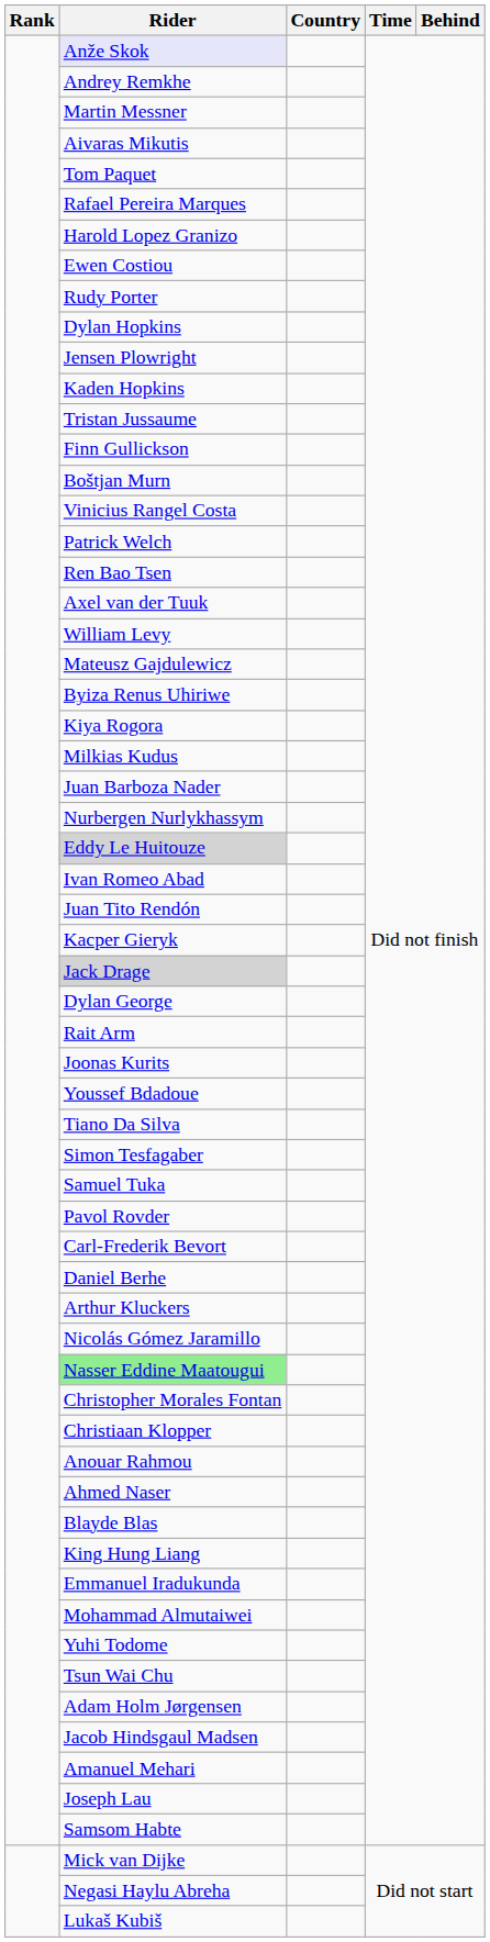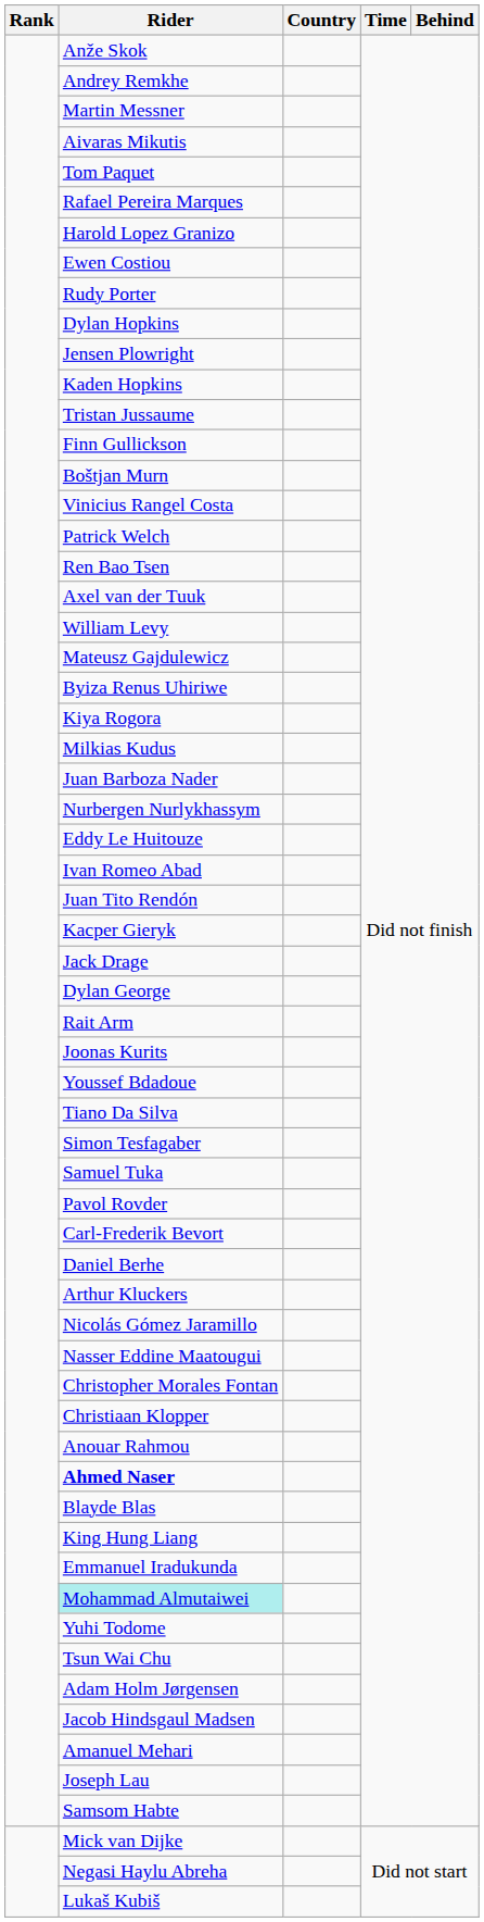 <table class="wikitable sortable" style="text-align: center"">
 <tr>
 <th>Rank</th>
 <th>Rider</th>
 <th>Country</th>
 <th>Time</th>
 <th>Behind</th>
 </tr>
 <tr>
 <td rowspan=59></td>
-<td align="left" style="background: lavender;"><a href='#'>Anže Skok</a></td>
+<td align="left"><a href='#'>Anže Skok</a></td>
 <td align="left"></td>
 <td rowspan=59 colspan=2>Did not finish</td>
 </tr>
 <tr>
 <td align="left"><a href='#'>Andrey Remkhe</a></td>
 <td align="left"></td>
 </tr>
 <tr>
 <td align="left"><a href='#'>Martin Messner</a></td>
 <td align="left"></td>
 </tr>
 <tr>
 <td align="left"><a href='#'>Aivaras Mikutis</a></td>
 <td align="left"></td>
 </tr>
 <tr>
 <td align="left"><a href='#'>Tom Paquet</a></td>
 <td align="left"></td>
 </tr>
 <tr>
 <td align="left"><a href='#'>Rafael Pereira Marques</a></td>
 <td align="left"></td>
 </tr>
 <tr>
 <td align="left"><a href='#'>Harold Lopez Granizo</a></td>
 <td align="left"></td>
 </tr>
 <tr>
 <td align="left"><a href='#'>Ewen Costiou</a></td>
 <td align="left"></td>
 </tr>
 <tr>
 <td align="left"><a href='#'>Rudy Porter</a></td>
 <td align="left"></td>
 </tr>
 <tr>
 <td align="left"><a href='#'>Dylan Hopkins</a></td>
 <td align="left"></td>
 </tr>
 <tr>
 <td align="left"><a href='#'>Jensen Plowright</a></td>
 <td align="left"></td>
 </tr>
 <tr>
 <td align="left"><a href='#'>Kaden Hopkins</a></td>
 <td align="left"></td>
 </tr>
 <tr>
 <td align="left"><a href='#'>Tristan Jussaume</a></td>
 <td align="left"></td>
 </tr>
 <tr>
 <td align="left"><a href='#'>Finn Gullickson</a></td>
 <td align="left"></td>
 </tr>
 <tr>
 <td align="left"><a href='#'>Boštjan Murn</a></td>
 <td align="left"></td>
 </tr>
 <tr>
 <td align="left"><a href='#'>Vinicius Rangel Costa</a></td>
 <td align="left"></td>
 </tr>
 <tr>
 <td align="left"><a href='#'>Patrick Welch</a></td>
 <td align="left"></td>
 </tr>
 <tr>
 <td align="left"><a href='#'>Ren Bao Tsen</a></td>
 <td align="left"></td>
 </tr>
 <tr>
 <td align="left"><a href='#'>Axel van der Tuuk</a></td>
 <td align="left"></td>
 </tr>
 <tr>
 <td align="left"><a href='#'>William Levy</a></td>
 <td align="left"></td>
 </tr>
 <tr>
 <td align="left"><a href='#'>Mateusz Gajdulewicz</a></td>
 <td align="left"></td>
 </tr>
 <tr>
 <td align="left"><a href='#'>Byiza Renus Uhiriwe</a></td>
 <td align="left"></td>
 </tr>
 <tr>
 <td align="left"><a href='#'>Kiya Rogora</a></td>
 <td align="left"></td>
 </tr>
 <tr>
 <td align="left"><a href='#'>Milkias Kudus</a></td>
 <td align="left"></td>
 </tr>
 <tr>
 <td align="left"><a href='#'>Juan Barboza Nader</a></td>
 <td align="left"></td>
 </tr>
 <tr>
 <td align="left"><a href='#'>Nurbergen Nurlykhassym</a></td>
 <td align="left"></td>
 </tr>
 <tr>
-<td align="left" style="background: lightgrey;"><a href='#'>Eddy Le Huitouze</a></td>
+<td align="left"><a href='#'>Eddy Le Huitouze</a></td>
 <td align="left"></td>
 </tr>
 <tr>
 <td align="left"><a href='#'>Ivan Romeo Abad</a></td>
 <td align="left"></td>
 </tr>
 <tr>
 <td align="left"><a href='#'>Juan Tito Rendón</a></td>
 <td align="left"></td>
 </tr>
 <tr>
 <td align="left"><a href='#'>Kacper Gieryk</a></td>
 <td align="left"></td>
 </tr>
 <tr>
-<td align="left" style="background: lightgrey;"><a href='#'>Jack Drage</a></td>
+<td align="left"><a href='#'>Jack Drage</a></td>
 <td align="left"></td>
 </tr>
 <tr>
 <td align="left"><a href='#'>Dylan George</a></td>
 <td align="left"></td>
 </tr>
 <tr>
 <td align="left"><a href='#'>Rait Arm</a></td>
 <td align="left"></td>
 </tr>
 <tr>
 <td align="left"><a href='#'>Joonas Kurits</a></td>
 <td align="left"></td>
 </tr>
 <tr>
 <td align="left"><a href='#'>Youssef Bdadoue</a></td>
 <td align="left"></td>
 </tr>
 <tr>
 <td align="left"><a href='#'>Tiano Da Silva</a></td>
 <td align="left"></td>
 </tr>
 <tr>
 <td align="left"><a href='#'>Simon Tesfagaber</a></td>
 <td align="left"></td>
 </tr>
 <tr>
 <td align="left"><a href='#'>Samuel Tuka</a></td>
 <td align="left"></td>
 </tr>
 <tr>
 <td align="left"><a href='#'>Pavol Rovder</a></td>
 <td align="left"></td>
 </tr>
 <tr>
 <td align="left"><a href='#'>Carl-Frederik Bevort</a></td>
 <td align="left"></td>
 </tr>
 <tr>
 <td align="left"><a href='#'>Daniel Berhe</a></td>
 <td align="left"></td>
 </tr>
 <tr>
 <td align="left"><a href='#'>Arthur Kluckers</a></td>
 <td align="left"></td>
 </tr>
 <tr>
 <td align="left"><a href='#'>Nicolás Gómez Jaramillo</a></td>
 <td align="left"></td>
 </tr>
 <tr>
-<td align="left" style="background: lightgreen;"><a href='#'>Nasser Eddine Maatougui</a></td>
+<td align="left"><a href='#'>Nasser Eddine Maatougui</a></td>
 <td align="left"></td>
 </tr>
 <tr>
 <td align="left"><a href='#'>Christopher Morales Fontan</a></td>
 <td align="left"></td>
 </tr>
 <tr>
 <td align="left"><a href='#'>Christiaan Klopper</a></td>
 <td align="left"></td>
 </tr>
 <tr>
 <td align="left"><a href='#'>Anouar Rahmou</a></td>
 <td align="left"></td>
 </tr>
 <tr>
-<td align="left"><a href='#'>Ahmed Naser</a></td>
+<td align="left"><strong><a href='#'>Ahmed Naser</a></strong></td>
 <td align="left"></td>
 </tr>
 <tr>
 <td align="left"><a href='#'>Blayde Blas</a></td>
 <td align="left"></td>
 </tr>
 <tr>
 <td align="left"><a href='#'>King Hung Liang</a></td>
 <td align="left"></td>
 </tr>
 <tr>
 <td align="left"><a href='#'>Emmanuel Iradukunda</a></td>
 <td align="left"></td>
 </tr>
 <tr>
-<td align="left"><a href='#'>Mohammad Almutaiwei</a></td>
+<td align="left" style="background: paleturquoise;"><a href='#'>Mohammad Almutaiwei</a></td>
 <td align="left"></td>
 </tr>
 <tr>
 <td align="left"><a href='#'>Yuhi Todome</a></td>
 <td align="left"></td>
 </tr>
 <tr>
 <td align="left"><a href='#'>Tsun Wai Chu</a></td>
 <td align="left"></td>
 </tr>
 <tr>
 <td align="left"><a href='#'>Adam Holm Jørgensen</a></td>
 <td align="left"></td>
 </tr>
 <tr>
 <td align="left"><a href='#'>Jacob Hindsgaul Madsen</a></td>
 <td align="left"></td>
 </tr>
 <tr>
 <td align="left"><a href='#'>Amanuel Mehari</a></td>
 <td align="left"></td>
 </tr>
 <tr>
 <td align="left"><a href='#'>Joseph Lau</a></td>
 <td align="left"></td>
 </tr>
 <tr>
 <td align="left"><a href='#'>Samsom Habte</a></td>
 <td align="left"></td>
 </tr>
 <tr>
 <td rowspan=3></td>
 <td align="left"><a href='#'>Mick van Dijke</a></td>
 <td align="left"></td>
 <td rowspan=3 colspan=2>Did not start</td>
 </tr>
 <tr>
 <td align="left"><a href='#'>Negasi Haylu Abreha</a></td>
 <td align="left"></td>
 </tr>
 <tr>
 <td align="left"><a href='#'>Lukaš Kubiš</a></td>
 <td align="left"></td>
 </tr>
 </table>
